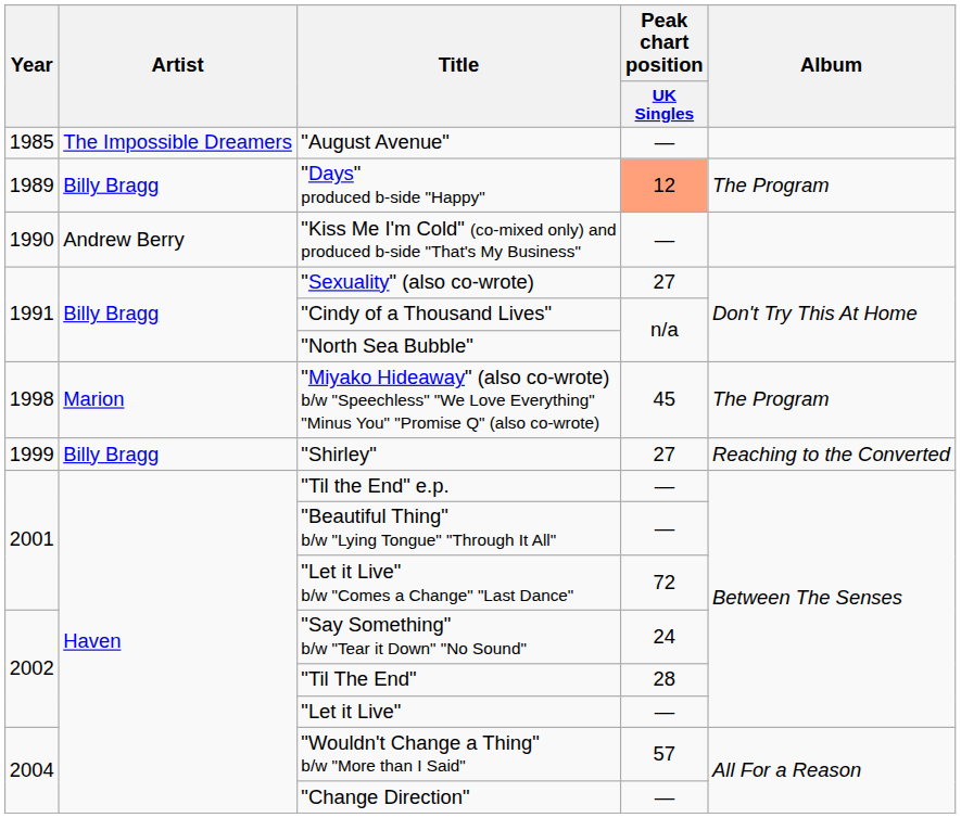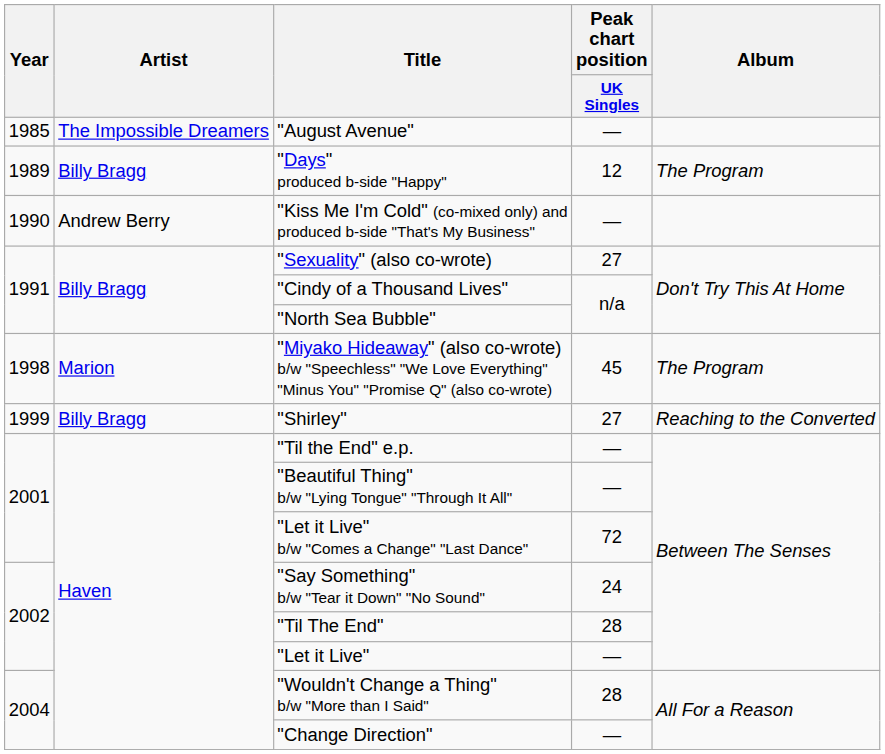 <table class="wikitable" style="text-align:left">
 <tr>
 <th rowspan="2">Year</th>
 <th rowspan="2">Artist</th>
 <th rowspan="2">Title</th>
 <th colspan="1">Peak chart position</th>
 <th rowspan="2">Album</th>
 </tr>
 <tr style="font-size:smaller;">
 <th width="35"><a href='#'>UK Singles</a></th>
 </tr>
 <tr>
 <td>1985</td>
 <td><a href='#'>The Impossible Dreamers</a></td>
 <td>"August Avenue"</td>
 <td style="text-align:center;">—</td>
 <td></td>
 </tr>
 <tr>
 <td>1989</td>
 <td><a href='#'>Billy Bragg</a></td>
 <td>"<a href='#'>Days</a>"<br><small>produced b-side "Happy"</small></td>
-<td style="background: lightsalmon; text-align:center;">12</td>
+<td style="text-align:center;">12</td>
 <td><em>The Program</em></td>
 </tr>
 <tr>
 <td>1990</td>
 <td>Andrew Berry</td>
 <td>"Kiss Me I'm Cold" <small>(co-mixed only) and</small><br><small>produced b-side "That's My Business"</small></td>
 <td style="text-align:center;">—</td>
 <td></td>
 </tr>
 <tr>
 <td rowspan="3">1991</td>
 <td rowspan="3"><a href='#'>Billy Bragg</a></td>
 <td>"<a href='#'>Sexuality</a>" (also co-wrote)</td>
 <td style="text-align:center;">27</td>
 <td rowspan="3"><em>Don't Try This At Home</em></td>
 </tr>
 <tr>
 <td>"Cindy of a Thousand Lives"</td>
 <td rowspan="2" style="text-align:center;">n/a</td>
 </tr>
 <tr>
 <td>"North Sea Bubble"</td>
 </tr>
 <tr>
 <td>1998</td>
 <td><a href='#'>Marion</a></td>
 <td>"<a href='#'>Miyako Hideaway</a>" (also co-wrote)<br><small>b/w "Speechless" "We Love Everything"<br>"Minus You" "Promise Q" (also co-wrote)</small></td>
 <td style="text-align:center;">45</td>
 <td><em>The Program</em></td>
 </tr>
 <tr>
 <td>1999</td>
 <td><a href='#'>Billy Bragg</a></td>
 <td>"Shirley"</td>
 <td style="text-align:center;">27</td>
 <td><em>Reaching to the Converted</em></td>
 </tr>
 <tr>
 <td rowspan="3">2001</td>
 <td rowspan="8"><a href='#'>Haven</a></td>
 <td>"Til the End" e.p.</td>
 <td style="text-align:center;">—</td>
 <td rowspan="6"><em>Between The Senses</em></td>
 </tr>
 <tr>
 <td>"Beautiful Thing"<br><small>b/w "Lying Tongue" "Through It All"</small></td>
 <td style="text-align:center;">—</td>
 </tr>
 <tr>
 <td>"Let it Live"<br><small>b/w "Comes a Change" "Last Dance"</small></td>
 <td style="text-align:center;">72</td>
 </tr>
 <tr>
 <td rowspan="3">2002</td>
 <td>"Say Something"<br><small>b/w "Tear it Down" "No Sound"</small></td>
 <td style="text-align:center;">24</td>
 </tr>
 <tr>
 <td>"Til The End"</td>
 <td style="text-align:center;">28</td>
 </tr>
 <tr>
 <td>"Let it Live"</td>
 <td style="text-align:center;">—</td>
 </tr>
 <tr>
 <td rowspan="2">2004</td>
 <td>"Wouldn't Change a Thing"<br><small>b/w "More than I Said"</small></td>
-<td style="text-align:center;">57</td>
+<td style="text-align:center;">28</td>
 <td rowspan="2"><em>All For a Reason</em></td>
 </tr>
 <tr>
 <td>"Change Direction"</td>
 <td style="text-align:center;">—</td>
 </tr>
 <tr>
 </tr>
 </table>
